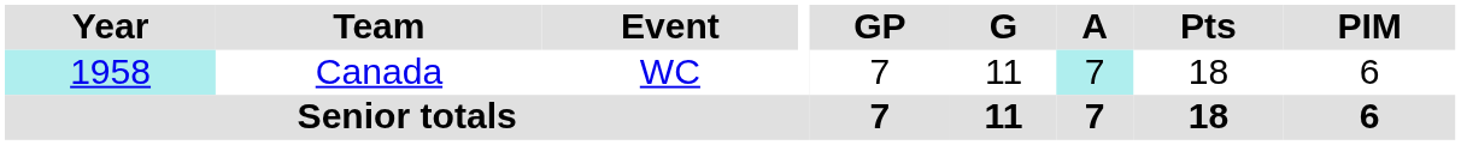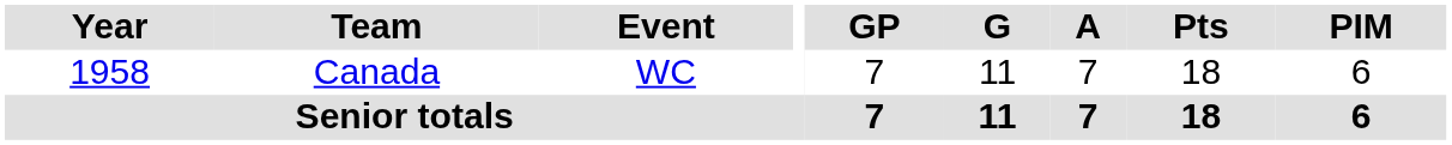 <table border="0" cellpadding="1" cellspacing="0" ID="Table3" style="text-align:center; width:40em">
 <tr bgcolor="#e0e0e0">
 <th>Year</th>
 <th>Team</th>
 <th>Event</th>
 <th rowspan="102" bgcolor="#ffffff"></th>
 <th>GP</th>
 <th>G</th>
 <th>A</th>
 <th>Pts</th>
 <th>PIM</th>
 </tr>
 <tr>
-<td style="background: paleturquoise;"><a href='#'>1958</a></td>
+<td><a href='#'>1958</a></td>
 <td><a href='#'>Canada</a></td>
 <td><a href='#'>WC</a></td>
 <td>7</td>
 <td>11</td>
-<td style="background: paleturquoise;">7</td>
+<td>7</td>
 <td>18</td>
 <td>6</td>
 </tr>
 <tr bgcolor="#e0e0e0">
 <th colspan="4">Senior totals</th>
 <th>7</th>
 <th>11</th>
 <th>7</th>
 <th>18</th>
 <th>6</th>
 </tr>
 </table>
